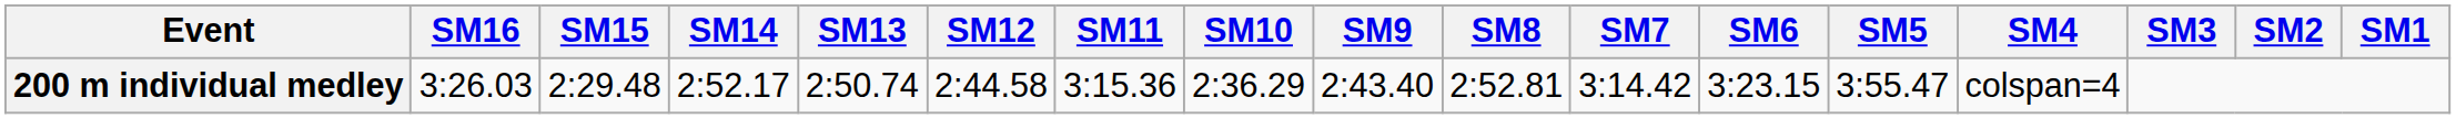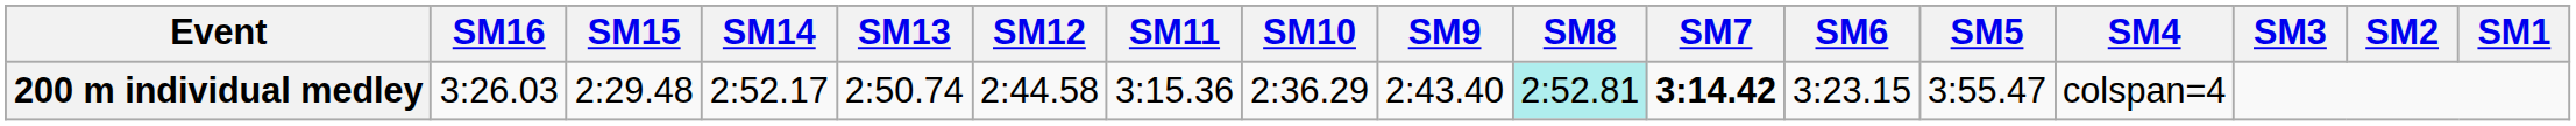 <table class="wikitable plainrowheaders" style="text-align:right">
 <tr>
 <th scope="col">Event</th>
 <th scope="col"><a href='#'>SM16</a></th>
 <th scope="col"><a href='#'>SM15</a></th>
 <th scope="col"><a href='#'>SM14</a></th>
 <th scope="col"><a href='#'>SM13</a></th>
 <th scope="col"><a href='#'>SM12</a></th>
 <th scope="col"><a href='#'>SM11</a></th>
 <th scope="col"><a href='#'>SM10</a></th>
 <th scope="col"><a href='#'>SM9</a></th>
 <th scope="col"><a href='#'>SM8</a></th>
 <th scope="col"><a href='#'>SM7</a></th>
 <th scope="col"><a href='#'>SM6</a></th>
 <th scope="col"><a href='#'>SM5</a></th>
 <th scope="col" style="width:43px;"><a href='#'>SM4</a></th>
 <th scope="col" style="width:43px;"><a href='#'>SM3</a></th>
 <th scope="col" style="width:43px;"><a href='#'>SM2</a></th>
 <th scope="col" style="width:43px;"><a href='#'>SM1</a></th>
 </tr>
 <tr>
 <th scope="row">200 m individual medley</th>
 <td>3:26.03</td>
 <td>2:29.48</td>
 <td>2:52.17</td>
 <td>2:50.74</td>
 <td>2:44.58</td>
 <td>3:15.36</td>
 <td>2:36.29</td>
 <td>2:43.40</td>
-<td>2:52.81</td>
-<td>3:14.42</td>
+<td style="background: paleturquoise;">2:52.81</td>
+<td><strong>3:14.42</strong></td>
 <td>3:23.15</td>
 <td>3:55.47</td>
 <td>colspan=4 </td>
 </tr>
 </table>
